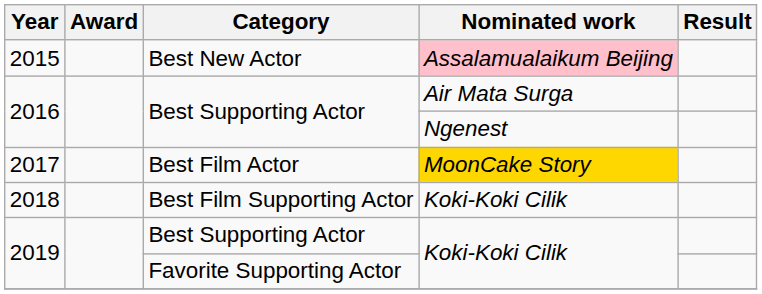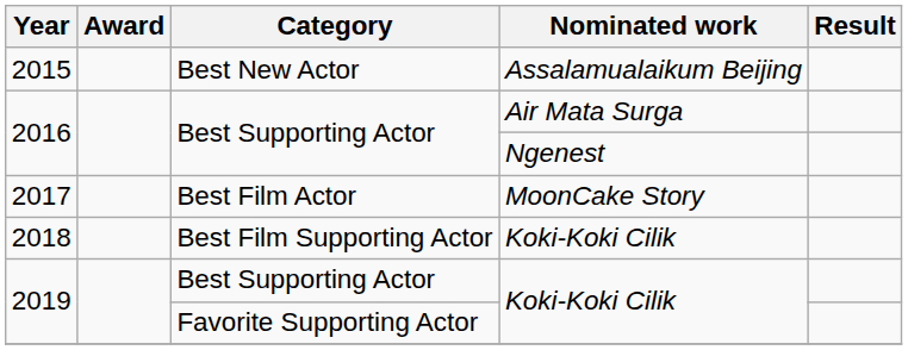 <table class="wikitable">
 <tr>
 <th>Year</th>
 <th>Award</th>
 <th>Category</th>
 <th>Nominated work</th>
 <th>Result</th>
 </tr>
 <tr>
 <td>2015</td>
 <td></td>
 <td Maya Award for Best New Actor>Best New Actor</td>
-<td style="background: pink; text-align:center;"><em>Assalamualaikum Beijing</em></td>
+<td style="text-align:center;"><em>Assalamualaikum Beijing</em></td>
 <td></td>
 </tr>
 <tr>
 <td rowspan="2">2016</td>
 <td rowspan="2"></td>
 <td rowspan="2" style="text-align:enter;">Best Supporting Actor</td>
 <td><em>Air Mata Surga</em></td>
 <td></td>
 </tr>
 <tr>
 <td><em>Ngenest</em></td>
 <td></td>
 </tr>
 <tr>
 <td>2017</td>
 <td></td>
 <td>Best Film Actor</td>
-<td style="background: gold; text-align:enter;"><em>MoonCake Story</em></td>
+<td style="text-align:enter;"><em>MoonCake Story</em></td>
 <td></td>
 </tr>
 <tr>
 <td>2018</td>
 <td></td>
 <td>Best Film Supporting Actor</td>
 <td style="text-align:enter;"><em>Koki-Koki Cilik</em></td>
 <td></td>
 </tr>
 <tr>
 <td rowspan="2">2019</td>
 <td rowspan="2"></td>
 <td>Best Supporting Actor</td>
 <td rowspan="2" style="text-align:enter;"><em>Koki-Koki Cilik</em></td>
 <td></td>
 </tr>
 <tr>
 <td>Favorite Supporting Actor</td>
 <td></td>
 </tr>
 <tr>
 </tr>
 </table>
